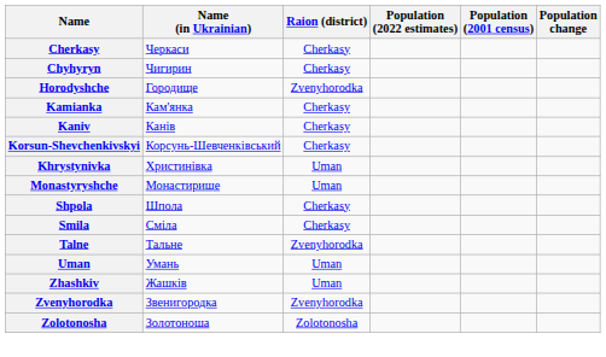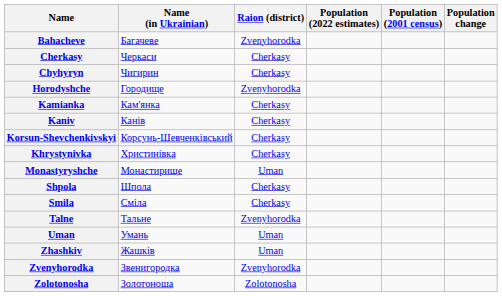 <table class="wikitable sortable" id="Table of cities" caption="Tabulated list of cities in ">
 <tr>
 <th scope="col">Name</th>
 <th scope="col">Name<br>(in <a href='#'>Ukrainian</a>)</th>
 <th scope="col"><a href='#'>Raion</a> (district)</th>
 <th scope="col">Population<br>(2022 estimates)</th>
 <th scope="col">Population<br>(<a href='#'>2001 census</a>)</th>
 <th scope="col">Population<br>change</th>
+</tr>
+<tr>
+<th scope="row" align="left"><a href='#'>Bahacheve</a></th>
+<td><a href='#'>Багачеве</a></td>
+<td align=center><a href='#'>Zvenyhorodka</a></td>
+<td align=right></td>
+<td align=right></td>
+<td align=right></td>
 </tr>
 <tr>
 <th scope="row" align="left"><a href='#'>Cherkasy</a></th>
 <td><a href='#'>Черкаси</a></td>
 <td align=center><a href='#'>Cherkasy</a></td>
 <td align=right></td>
 <td align=right></td>
 <td align=right></td>
 </tr>
 <tr>
 <th scope="row" align="left"><a href='#'>Chyhyryn</a></th>
 <td><a href='#'>Чигирин</a></td>
 <td align=center><a href='#'>Cherkasy</a></td>
 <td align=right></td>
 <td align=right></td>
 <td align=right></td>
 </tr>
 <tr>
 <th scope="row" align="left"><a href='#'>Horodyshche</a></th>
 <td><a href='#'>Городище</a></td>
 <td align=center><a href='#'>Zvenyhorodka</a></td>
 <td align=right></td>
 <td align=right></td>
 <td align=right></td>
 </tr>
 <tr>
 <th scope="row" align="left"><a href='#'>Kamianka</a></th>
 <td><a href='#'>Кам'янка</a></td>
 <td align=center><a href='#'>Cherkasy</a></td>
 <td align=right></td>
 <td align=right></td>
 <td align=right></td>
 </tr>
 <tr>
 <th scope="row" align="left"><a href='#'>Kaniv</a></th>
 <td><a href='#'>Канів</a></td>
 <td align=center><a href='#'>Cherkasy</a></td>
 <td align=right></td>
 <td align=right></td>
 <td align=right></td>
 </tr>
 <tr>
 <th scope="row" align="left"><a href='#'>Korsun-Shevchenkivskyi</a></th>
 <td><a href='#'>Корсунь-Шевченківський</a></td>
 <td align=center><a href='#'>Cherkasy</a></td>
 <td align=right></td>
 <td align=right></td>
 <td align=right></td>
 </tr>
 <tr>
 <th scope="row" align="left"><a href='#'>Khrystynivka</a></th>
 <td><a href='#'>Христинівка</a></td>
-<td align=center><a href='#'>Uman</a></td>
+<td align=center><a href='#'>Cherkasy</a></td>
 <td align=right></td>
 <td align=right></td>
 <td align=right></td>
 </tr>
 <tr>
 <th scope="row" align="left"><a href='#'>Monastyryshche</a></th>
 <td><a href='#'>Монастирище</a></td>
 <td align=center><a href='#'>Uman</a></td>
 <td align=right></td>
 <td align=right></td>
 <td align=right></td>
 </tr>
 <tr>
 <th scope="row" align="left"><a href='#'>Shpola</a></th>
 <td><a href='#'>Шпола</a></td>
 <td align=center><a href='#'>Cherkasy</a></td>
 <td align=right></td>
 <td align=right></td>
 <td align=right></td>
 </tr>
 <tr>
 <th scope="row" align="left"><a href='#'>Smila</a></th>
 <td><a href='#'>Сміла</a></td>
 <td align=center><a href='#'>Cherkasy</a></td>
 <td align=right></td>
 <td align=right></td>
 <td align=right></td>
 </tr>
 <tr>
 <th scope="row" align="left"><a href='#'>Talne</a></th>
 <td><a href='#'>Тальне</a></td>
 <td align=center><a href='#'>Zvenyhorodka</a></td>
 <td align=right></td>
 <td align=right></td>
 <td align=right></td>
 </tr>
 <tr>
 <th scope="row" align="left"><a href='#'>Uman</a></th>
 <td><a href='#'>Умань</a></td>
 <td align=center><a href='#'>Uman</a></td>
 <td align=right></td>
 <td align=right></td>
 <td align=right></td>
 </tr>
 <tr>
 <th scope="row" align="left"><a href='#'>Zhashkiv</a></th>
 <td><a href='#'>Жашків</a></td>
 <td align=center><a href='#'>Uman</a></td>
 <td align=right></td>
 <td align=right></td>
 <td align=right></td>
 </tr>
 <tr>
 <th scope="row" align="left"><a href='#'>Zvenyhorodka</a></th>
 <td><a href='#'>Звенигородка</a></td>
 <td align=center><a href='#'>Zvenyhorodka</a></td>
 <td align=right></td>
 <td align=right></td>
 <td align=right></td>
 </tr>
 <tr>
 <th scope="row" align="left"><a href='#'>Zolotonosha</a></th>
 <td><a href='#'>Золотоноша</a></td>
 <td align=center><a href='#'>Zolotonosha</a></td>
 <td align=right></td>
 <td align=right></td>
 <td align=right></td>
 </tr>
 </table>
